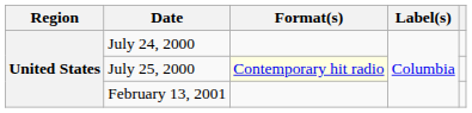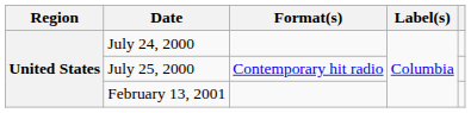 <table class="wikitable plainrowheaders">
 <tr>
 <th scope="col">Region</th>
 <th scope="col">Date</th>
 <th scope="col">Format(s)</th>
 <th scope="col">Label(s)</th>
 <th scope="col"></th>
 </tr>
 <tr>
 <th scope="row" rowspan="3">United States</th>
 <td>July 24, 2000</td>
 <td></td>
 <td rowspan="3"><a href='#'>Columbia</a></td>
 <td align="center"></td>
 </tr>
 <tr>
 <td>July 25, 2000</td>
-<td style="background: lightyellow;"><a href='#'>Contemporary hit radio</a></td>
+<td><a href='#'>Contemporary hit radio</a></td>
 <td align="center"></td>
 </tr>
 <tr>
 <td>February 13, 2001</td>
 <td></td>
 <td align="center"></td>
 </tr>
 </table>
